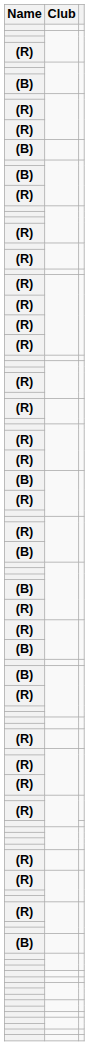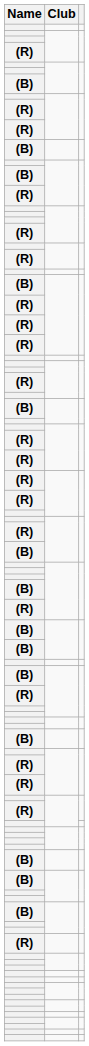 <table class="wikitable sortable plainrowheaders" style="text-align:center;">
 <tr>
 <th scope="col">Name</th>
 <th scope="col">Club</th>
 <th class="unsortable"></th>
 </tr>
 <tr>
 <th scope="row"></th>
 <td></td>
 <td></td>
 </tr>
 <tr>
 <th scope="row"></th>
 <td rowspan=3></td>
 <td rowspan=3></td>
 </tr>
 <tr>
 <th scope="row"></th>
 </tr>
 <tr>
 <th scope="row"> <span>(R)</span></th>
 </tr>
 <tr>
 <th scope="row"></th>
 <td rowspan=3></td>
 <td rowspan=3></td>
 </tr>
 <tr>
 <th scope="row"></th>
 </tr>
 <tr>
 <th scope="row"> <span>(B)</span></th>
 </tr>
 <tr>
 <th scope="row"></th>
 <td rowspan=3></td>
 <td rowspan=3></td>
 </tr>
 <tr>
 <th scope="row"> <span>(R)</span></th>
 </tr>
 <tr>
 <th scope="row"> <span>(R)</span></th>
 </tr>
 <tr>
 <th scope="row"> <span>(B)</span></th>
 <td></td>
 <td></td>
 </tr>
 <tr>
 <th scope="row"></th>
 <td rowspan=3></td>
 <td rowspan=3></td>
 </tr>
 <tr>
 <th scope="row"> <span>(B)</span></th>
 </tr>
 <tr>
 <th scope="row"> <span>(R)</span></th>
 </tr>
 <tr>
 <th scope="row"></th>
 <td rowspan=4></td>
 <td rowspan=4></td>
 </tr>
 <tr>
 <th scope="row"></th>
 </tr>
 <tr>
 <th scope="row"></th>
 </tr>
 <tr>
 <th scope="row"> <span>(R)</span></th>
 </tr>
 <tr>
 <th scope="row"></th>
 <td rowspan=2></td>
 <td rowspan=2></td>
 </tr>
 <tr>
 <th scope="row"> <span>(R)</span></th>
 </tr>
 <tr>
 <th scope="row"></th>
 <td></td>
 <td></td>
 </tr>
 <tr>
-<th scope="row"> <span>(R)</span></th>
+<th scope="row"> <span>(B)</span></th>
 <td rowspan=4></td>
 <td rowspan=4></td>
 </tr>
 <tr>
 <th scope="row"> <span>(R)</span></th>
 </tr>
 <tr>
 <th scope="row"> <span>(R)</span></th>
 </tr>
 <tr>
 <th scope="row"> <span>(R)</span></th>
 </tr>
 <tr>
 <th scope="row"></th>
 <td></td>
 <td></td>
 </tr>
 <tr>
 <th scope="row"></th>
 <td rowspan=4></td>
 <td rowspan=4></td>
 </tr>
 <tr>
 <th scope="row"></th>
 </tr>
 <tr>
 <th scope="row"> <span>(R)</span></th>
 </tr>
 <tr>
 <th scope="row"></th>
 </tr>
 <tr>
-<th scope="row"> <span>(R)</span></th>
+<th scope="row"> <span>(B)</span></th>
 <td rowspan=2></td>
 <td rowspan=2></td>
 </tr>
 <tr>
 <th scope="row"></th>
 </tr>
 <tr>
 <th scope="row"></th>
 <td rowspan=3></td>
 <td rowspan=3></td>
 </tr>
 <tr>
 <th scope="row"> <span>(R)</span></th>
 </tr>
 <tr>
 <th scope="row"> <span>(R)</span></th>
 </tr>
 <tr>
-<th scope="row"> <span>(B)</span></th>
+<th scope="row"> <span>(R)</span></th>
 <td rowspan=3></td>
 <td rowspan=3></td>
 </tr>
 <tr>
 <th scope="row"> <span>(R)</span></th>
 </tr>
 <tr>
 <th scope="row"></th>
 </tr>
 <tr>
 <th scope="row"></th>
 <td rowspan=3></td>
 <td rowspan=3></td>
 </tr>
 <tr>
 <th scope="row"> <span>(R)</span></th>
 </tr>
 <tr>
 <th scope="row"> <span>(B)</span></th>
 </tr>
 <tr>
 <th scope="row"></th>
 <td rowspan=5></td>
 <td rowspan=5></td>
 </tr>
 <tr>
 <th scope="row"></th>
 </tr>
 <tr>
 <th scope="row"></th>
 </tr>
 <tr>
 <th scope="row"> <span>(B)</span></th>
 </tr>
 <tr>
 <th scope="row"> <span>(R)</span></th>
 </tr>
 <tr>
-<th scope="row"> <span>(R)</span></th>
+<th scope="row"> <span>(B)</span></th>
 <td rowspan=2></td>
 <td rowspan=2></td>
 </tr>
 <tr>
 <th scope="row"> <span>(B)</span></th>
 </tr>
 <tr>
 <th scope="row"></th>
 <td></td>
 <td></td>
 </tr>
 <tr>
 <th scope="row"> <span>(B)</span></th>
 <td rowspan=4></td>
 <td rowspan=4></td>
 </tr>
 <tr>
 <th scope="row"> <span>(R)</span></th>
 </tr>
 <tr>
 <th scope="row"></th>
 </tr>
 <tr>
 <th scope="row"></th>
 </tr>
 <tr>
 <th scope="row"></th>
 <td rowspan=2></td>
 <td rowspan=2></td>
 </tr>
 <tr>
 <th scope="row"></th>
 </tr>
 <tr>
-<th scope="row"> <span>(R)</span></th>
+<th scope="row"> <span>(B)</span></th>
 <td></td>
 <td></td>
 </tr>
 <tr>
 <th scope="row"></th>
 <td rowspan=3></td>
 <td rowspan=3></td>
 </tr>
 <tr>
 <th scope="row"> <span>(R)</span></th>
 </tr>
 <tr>
 <th scope="row"> <span>(R)</span></th>
 </tr>
 <tr>
 <th scope="row"></th>
 <td rowspan=3></td>
 <td rowspan=2></td>
 </tr>
 <tr>
 <th scope="row"> <span>(R)</span></th>
 </tr>
 <tr>
 <th scope="row"></th>
 <td></td>
 </tr>
 <tr>
 <th scope="row"></th>
 <td rowspan=4></td>
 <td rowspan=4></td>
 </tr>
 <tr>
 <th scope="row"></th>
 </tr>
 <tr>
 <th scope="row"></th>
 </tr>
 <tr>
 <th scope="row"></th>
 </tr>
 <tr>
-<th scope="row"> <span>(R)</span></th>
+<th scope="row"> <span>(B)</span></th>
 <td></td>
 <td></td>
 </tr>
 <tr>
-<th scope="row"> <span>(R)</span></th>
+<th scope="row"> <span>(B)</span></th>
+<td rowspan=3></td>
+<td rowspan=3></td>
+</tr>
+<tr>
+<th scope="row"></th>
+</tr>
+<tr>
+<th scope="row"></th>
+</tr>
+<tr>
+<th scope="row"> <span>(B)</span></th>
 <td rowspan=3></td>
 <td rowspan=3></td>
 </tr>
 <tr>
 <th scope="row"></th>
 </tr>
 <tr>
 <th scope="row"></th>
 </tr>
 <tr>
 <th scope="row"> <span>(R)</span></th>
-<td rowspan=3></td>
-<td rowspan=3></td>
-</tr>
-<tr>
-<th scope="row"></th>
-</tr>
-<tr>
-<th scope="row"></th>
-</tr>
-<tr>
-<th scope="row"> <span>(B)</span></th>
 <td></td>
 <td></td>
 </tr>
 <tr>
 <th scope="row"></th>
 <td rowspan=3></td>
 <td rowspan=3></td>
 </tr>
 <tr>
 <th scope="row"></th>
 </tr>
 <tr>
 <th scope="row"></th>
 </tr>
 <tr>
 <th scope="row"></th>
 <td></td>
 <td></td>
 </tr>
 <tr>
 <th scope="row"></th>
 <td></td>
 <td></td>
 </tr>
 <tr>
 <th scope="row"></th>
 <td rowspan=3></td>
 <td rowspan=3></td>
 </tr>
 <tr>
 <th scope="row"></th>
 </tr>
 <tr>
 <th scope="row"></th>
 </tr>
 <tr>
 <th scope="row"></th>
 <td rowspan=2></td>
 <td rowspan=2></td>
 </tr>
 <tr>
 <th scope="row"></th>
 </tr>
 <tr>
 <th scope="row"></th>
 <td></td>
 <td></td>
 </tr>
 <tr>
 <th scope="row"></th>
 <td rowspan=2></td>
 <td rowspan=2></td>
 </tr>
 <tr>
 <th scope="row"></th>
 </tr>
 <tr>
 <th scope="row"></th>
 <td></td>
 <td></td>
 </tr>
 <tr>
 <th scope="row"></th>
 <td></td>
 <td></td>
 </tr>
 </table>
